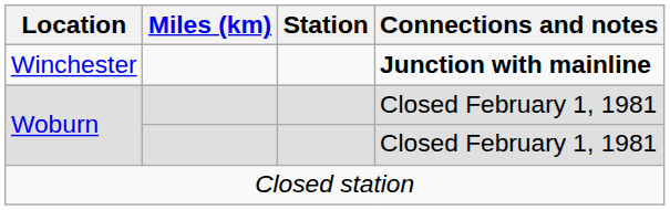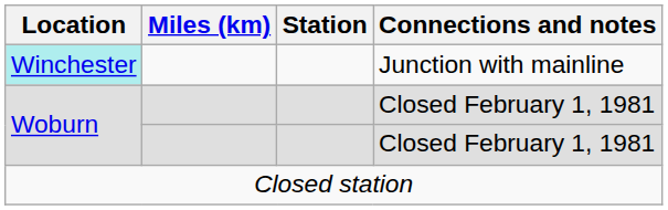 <table class="wikitable">
 <tr>
 <th>Location</th>
 <th><a href='#'>Miles (km)</a></th>
 <th>Station</th>
 <th>Connections and notes</th>
 </tr>
 <tr>
-<td><a href='#'>Winchester</a></td>
+<td style="background: paleturquoise;"><a href='#'>Winchester</a></td>
 <td></td>
 <td> </td>
-<td><strong>Junction with mainline</strong></td>
+<td>Junction with mainline</td>
 </tr>
 <tr bgcolor=dfdfdf>
 <td rowspan="2"><a href='#'>Woburn</a></td>
 <td></td>
 <td></td>
 <td>Closed February 1, 1981</td>
 </tr>
 <tr bgcolor=dfdfdf>
 <td></td>
 <td></td>
 <td>Closed February 1, 1981</td>
 </tr>
 <tr>
 <td colspan=5 align=center><em> Closed station</em></td>
 </tr>
 </table>
